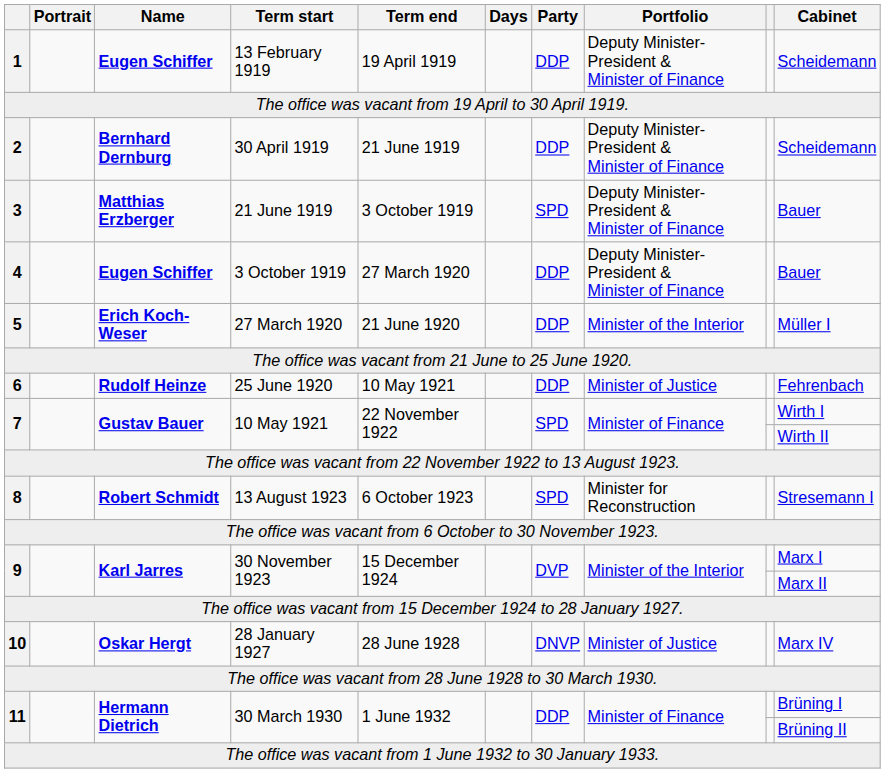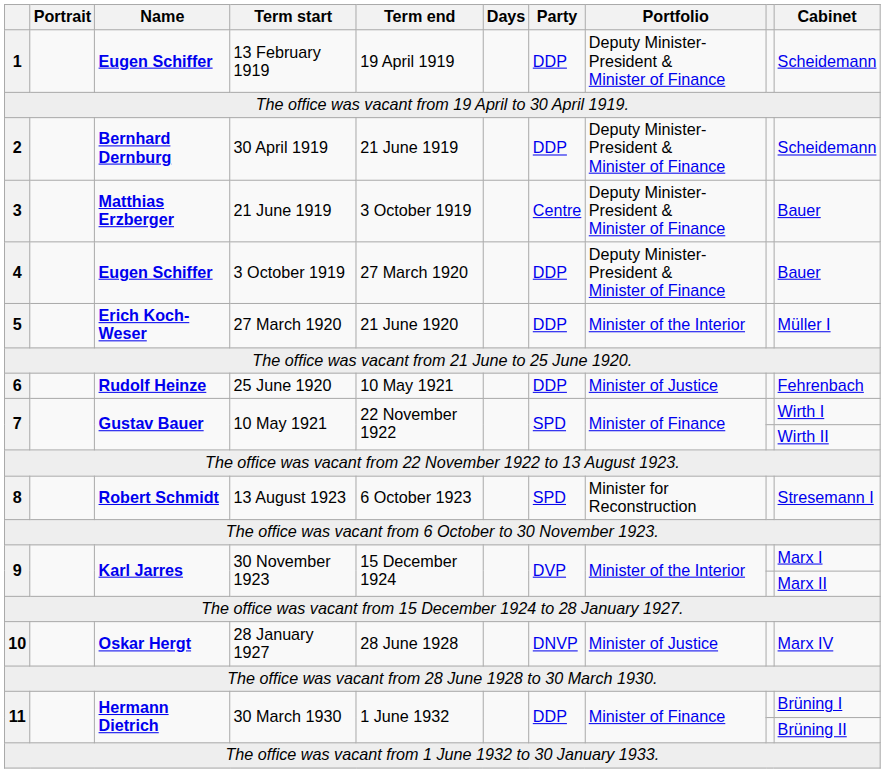 <table class="wikitable sortable">
 <tr>
 <th class="unsortable"></th>
 <th class="unsortable">Portrait</th>
 <th>Name</th>
 <th data-sort-type="date">Term start</th>
 <th data-sort-type="date">Term end</th>
 <th>Days</th>
 <th>Party</th>
 <th>Portfolio</th>
 <th class="unsortable"></th>
 <th>Cabinet</th>
 </tr>
 <tr>
 <th style="background:">1</th>
 <td></td>
 <td><strong><a href='#'>Eugen Schiffer</a></strong><br></td>
 <td>13 February 1919</td>
 <td>19 April 1919</td>
 <td></td>
 <td><a href='#'>DDP</a></td>
 <td>Deputy Minister-President &<br> <a href='#'>Minister of Finance</a></td>
 <td style="background:"></td>
 <td><a href='#'>Scheidemann</a></td>
 </tr>
 <tr>
 <td style="text-align:center;" bgcolor=#EEEEEE colspan=10><em>The office was vacant from 19 April to 30 April 1919.</em></td>
 </tr>
 <tr>
 <th style="background:">2</th>
 <td></td>
 <td><strong><a href='#'>Bernhard Dernburg</a></strong><br></td>
 <td>30 April 1919</td>
 <td>21 June 1919</td>
 <td></td>
 <td><a href='#'>DDP</a></td>
 <td>Deputy Minister-President &<br> <a href='#'>Minister of Finance</a></td>
 <td style="background:"></td>
 <td><a href='#'>Scheidemann</a></td>
 </tr>
 <tr>
 <th style="background:">3</th>
 <td></td>
 <td><strong><a href='#'>Matthias Erzberger</a></strong><br></td>
 <td>21 June 1919</td>
 <td>3 October 1919</td>
 <td></td>
-<td><a href='#'>SPD</a></td>
+<td><a href='#'>Centre</a></td>
 <td>Deputy Minister-President  &<br> <a href='#'>Minister of Finance</a></td>
 <td style="background:"></td>
 <td><a href='#'>Bauer</a></td>
 </tr>
 <tr>
 <th style="background:">4<br></th>
 <td></td>
 <td><strong><a href='#'>Eugen Schiffer</a></strong><br></td>
 <td>3 October 1919</td>
 <td>27 March 1920</td>
 <td></td>
 <td><a href='#'>DDP</a></td>
 <td>Deputy Minister-President  &<br> <a href='#'>Minister of Finance</a></td>
 <td style="background:"></td>
 <td><a href='#'>Bauer</a></td>
 </tr>
 <tr>
 <th style="background:">5</th>
 <td></td>
 <td><strong><a href='#'>Erich Koch-Weser</a></strong><br></td>
 <td>27 March 1920</td>
 <td>21 June 1920</td>
 <td></td>
 <td><a href='#'>DDP</a></td>
 <td><a href='#'>Minister of the Interior</a></td>
 <td style="background:"></td>
 <td><a href='#'>Müller I</a></td>
 </tr>
 <tr>
 <td style="text-align:center;" bgcolor=#EEEEEE colspan=10><em>The office was vacant from 21 June to 25 June 1920.</em></td>
 </tr>
 <tr>
 <th style="background:">6</th>
 <td></td>
 <td><strong><a href='#'>Rudolf Heinze</a></strong><br></td>
 <td>25 June 1920</td>
 <td>10 May 1921</td>
 <td></td>
 <td><a href='#'>DDP</a></td>
 <td><a href='#'>Minister of Justice</a></td>
 <td style="background:"></td>
 <td><a href='#'>Fehrenbach</a></td>
 </tr>
 <tr>
 <th rowspan=2 style="background:">7</th>
 <td rowspan=2></td>
 <td rowspan=2><strong><a href='#'>Gustav Bauer</a></strong><br></td>
 <td rowspan=2>10 May 1921</td>
 <td rowspan=2>22 November 1922</td>
 <td rowspan=2></td>
 <td rowspan=2><a href='#'>SPD</a></td>
 <td rowspan=2><a href='#'>Minister of Finance</a></td>
 <td style="background:"></td>
 <td><a href='#'>Wirth I</a></td>
 </tr>
 <tr>
 <td style="background:"></td>
 <td><a href='#'>Wirth II</a></td>
 </tr>
 <tr>
 <td style="text-align:center;" bgcolor=#EEEEEE colspan=10><em>The office was vacant from 22 November 1922 to 13 August 1923.</em></td>
 </tr>
 <tr>
 <th style="background:">8</th>
 <td></td>
 <td><strong><a href='#'>Robert Schmidt</a></strong><br></td>
 <td>13 August 1923</td>
 <td>6 October 1923</td>
 <td></td>
 <td><a href='#'>SPD</a></td>
 <td>Minister for Reconstruction</td>
 <td style="background:"></td>
 <td><a href='#'>Stresemann I</a></td>
 </tr>
 <tr>
 <td style="text-align:center;" bgcolor=#EEEEEE colspan=10><em>The office was vacant from 6 October to 30 November 1923.</em></td>
 </tr>
 <tr>
 <th rowspan=2 style="background:">9</th>
 <td rowspan=2></td>
 <td rowspan=2><strong><a href='#'>Karl Jarres</a></strong><br></td>
 <td rowspan=2>30 November 1923</td>
 <td rowspan=2>15 December 1924</td>
 <td rowspan=2></td>
 <td rowspan=2><a href='#'>DVP</a></td>
 <td rowspan=2><a href='#'>Minister of the Interior</a></td>
 <td style="background:"></td>
 <td><a href='#'>Marx I</a></td>
 </tr>
 <tr>
 <td style="background:"></td>
 <td><a href='#'>Marx II</a></td>
 </tr>
 <tr>
 <td style="text-align:center;" bgcolor=#EEEEEE colspan=10><em>The office was vacant from 15 December 1924 to 28 January 1927.</em></td>
 </tr>
 <tr>
 <th style="background:">10</th>
 <td></td>
 <td><strong><a href='#'>Oskar Hergt</a></strong><br></td>
 <td>28 January 1927</td>
 <td>28 June 1928</td>
 <td></td>
 <td><a href='#'>DNVP</a></td>
 <td><a href='#'>Minister of Justice</a></td>
 <td style="background:"></td>
 <td><a href='#'>Marx IV</a></td>
 </tr>
 <tr>
 <td style="text-align:center;" bgcolor=#EEEEEE colspan=10><em>The office was vacant from 28 June 1928 to 30 March 1930.</em></td>
 </tr>
 <tr>
 <th rowspan=2 style="background:">11</th>
 <td rowspan=2></td>
 <td rowspan=2><strong><a href='#'>Hermann Dietrich</a></strong><br></td>
 <td rowspan=2>30 March 1930</td>
 <td rowspan=2>1 June 1932</td>
 <td rowspan=2></td>
 <td rowspan=2><a href='#'>DDP</a></td>
 <td rowspan=2><a href='#'>Minister of Finance</a> </td>
 <td style="background:"></td>
 <td><a href='#'>Brüning I</a></td>
 </tr>
 <tr>
 <td style="background:"></td>
 <td><a href='#'>Brüning II</a></td>
 </tr>
 <tr>
 <td style="text-align:center;" bgcolor=#EEEEEE colspan=10><em>The office was vacant from 1 June 1932 to 30 January 1933.</em></td>
 </tr>
 </table>
